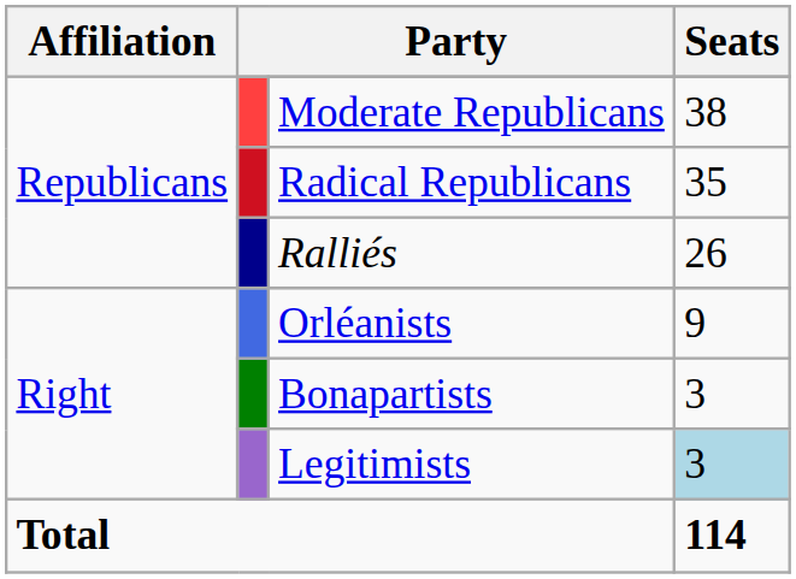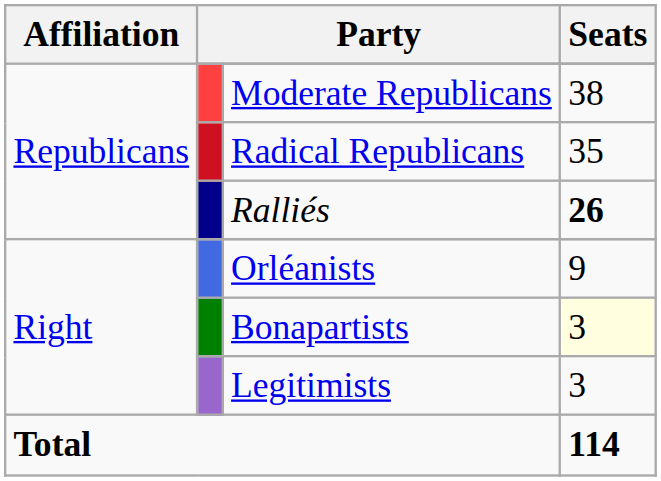 <table class="wikitable" style="font-size: 95%">
 <tr>
 <th>Affiliation</th>
 <th colspan=2>Party</th>
 <th>Seats</th>
 </tr>
 <tr>
 <td rowspan=4><a href='#'>Republicans</a></td>
 </tr>
 <tr>
 <td bgcolor="#FF4040"> </td>
 <td style="text-align: left"><a href='#'>Moderate Republicans</a></td>
 <td>38</td>
 </tr>
 <tr>
 <td bgcolor="#CF1020"> </td>
 <td style="text-align: left"><a href='#'>Radical Republicans</a></td>
 <td>35</td>
 </tr>
 <tr>
 <td bgcolor="darkblue"> </td>
 <td style="text-align: left"><em>Ralliés</em> </td>
-<td>26</td>
+<td><strong>26</strong></td>
 </tr>
 <tr>
 <td rowspan=4><a href='#'>Right</a></td>
 </tr>
 <tr>
 <td bgcolor="#4169E1"> </td>
 <td style="text-align: left"><a href='#'>Orléanists</a></td>
 <td>9</td>
 </tr>
 <tr>
 <td bgcolor="green"> </td>
 <td style="text-align: left"><a href='#'>Bonapartists</a></td>
-<td>3</td>
+<td style="background: lightyellow;">3</td>
 </tr>
 <tr>
 <td bgcolor="#9966CC"> </td>
 <td style="text-align: left"><a href='#'>Legitimists</a></td>
-<td style="background: lightblue;">3</td>
+<td>3</td>
 </tr>
 <tr>
 <td colspan=3><strong>Total</strong></td>
 <td><strong>114</strong></td>
 </tr>
 </table>
